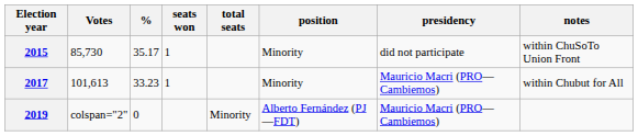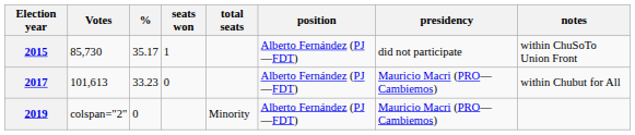 <table class="wikitable">
 <tr>
 <th>Election year</th>
 <th>Votes</th>
 <th>%</th>
 <th>seats won</th>
 <th>total seats</th>
 <th>position</th>
 <th>presidency</th>
 <th>notes</th>
 </tr>
 <tr>
 <th><a href='#'>2015</a></th>
 <td>85,730</td>
 <td>35.17</td>
 <td>1</td>
 <td></td>
-<td>Minority</td>
+<td><a href='#'>Alberto Fernández</a> (<a href='#'>PJ</a>—<a href='#'>FDT</a>)</td>
 <td>did not participate</td>
 <td>within ChuSoTo Union Front</td>
 </tr>
 <tr>
 <th><a href='#'>2017</a></th>
 <td>101,613</td>
 <td>33.23</td>
-<td>1</td>
+<td>0</td>
 <td></td>
-<td>Minority</td>
+<td><a href='#'>Alberto Fernández</a> (<a href='#'>PJ</a>—<a href='#'>FDT</a>)</td>
 <td><a href='#'>Mauricio Macri</a> (<a href='#'>PRO</a>—<a href='#'>Cambiemos</a>)</td>
 <td>within Chubut for All</td>
 </tr>
 <tr>
 <th><a href='#'>2019</a></th>
 <td>colspan="2" </td>
 <td>0</td>
 <td></td>
 <td>Minority</td>
 <td><a href='#'>Alberto Fernández</a> (<a href='#'>PJ</a>—<a href='#'>FDT</a>)</td>
 <td><a href='#'>Mauricio Macri</a> (<a href='#'>PRO</a>—<a href='#'>Cambiemos</a>)</td>
 </tr>
 </table>
